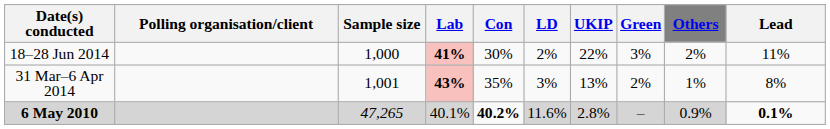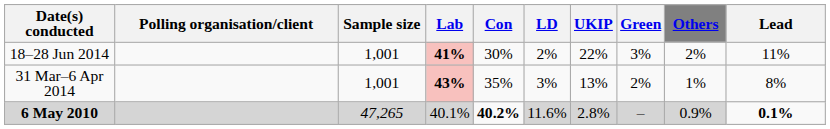 <table class="wikitable sortable" style="text-align:center;font-size:90%;line-height:14px">
 <tr>
 <th ! style="width:95px;">Date(s)<br>conducted</th>
 <th style="width:200px;">Polling organisation/client</th>
 <th class="unsortable" style="width:75px;">Sample size</th>
 <th class="unsortable" style="background:"><a href='#'><span>Lab</span></a></th>
 <th class="unsortable" style="background:"><a href='#'><span>Con</span></a></th>
 <th class="unsortable" style="background:"><a href='#'><span>LD</span></a></th>
 <th class="unsortable" style="background:"><a href='#'><span>UKIP</span></a></th>
 <th class="unsortable" style="background:"><a href='#'><span>Green</span></a></th>
 <th class="unsortable" style="background:gray; width:50px;"><a href='#'><span>Others</span></a></th>
 <th class="unsortable" style="width:85px;">Lead</th>
 </tr>
 <tr>
 <td>18–28 Jun 2014</td>
 <td></td>
-<td>1,000</td>
+<td>1,001</td>
 <td style="background:#F8C1BE"><strong>41%</strong></td>
 <td>30%</td>
 <td>2%</td>
 <td>22%</td>
 <td>3%</td>
 <td>2%</td>
 <td style="background:">11%</td>
 </tr>
 <tr>
 <td>31 Mar–6 Apr 2014</td>
 <td></td>
 <td>1,001</td>
 <td style="background:#F8C1BE"><strong>43%</strong></td>
 <td>35%</td>
 <td>3%</td>
 <td>13%</td>
 <td>2%</td>
 <td>1%</td>
 <td style="background:">8%</td>
 </tr>
 <tr>
 <td style="background:#D5D5D5"><strong>6 May 2010</strong></td>
 <td style="background:#D5D5D5"></td>
 <td style="background:#D5D5D5"><em>47,265</em></td>
 <td style="background:#D5D5D5">40.1%</td>
 <td style="background:"><strong>40.2%</strong></td>
 <td style="background:#D5D5D5">11.6%</td>
 <td style="background:#D5D5D5">2.8%</td>
 <td style="background:#D5D5D5">–</td>
 <td style="background:#D5D5D5">0.9%</td>
 <td style="background:"><strong>0.1% </strong></td>
 </tr>
 </table>
